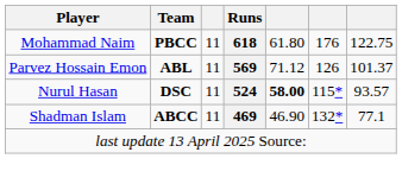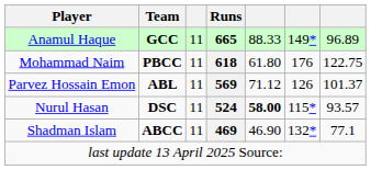 <table class="wikitable sortable" style="text-align:center">
 <tr>
 <th class="unsortable">Player</th>
 <th>Team</th>
 <th></th>
 <th>Runs</th>
 <th></th>
 <th></th>
 <th></th>
+</tr>
+<tr style="background:#cfc">
+<td><a href='#'>Anamul Haque</a></td>
+<td><strong>GCC</strong></td>
+<td>11</td>
+<th style="background:#cfc">665</th>
+<td>88.33</td>
+<td>149<a href='#'>*</a></td>
+<td>96.89</td>
 </tr>
 <tr>
 <td><a href='#'>Mohammad Naim</a></td>
 <td><strong>PBCC</strong></td>
 <td>11</td>
 <th>618</th>
 <td>61.80</td>
 <td>176</td>
 <td>122.75</td>
 </tr>
 <tr>
 <td><a href='#'>Parvez Hossain Emon</a></td>
 <td><strong>ABL</strong></td>
 <td>11</td>
 <th>569</th>
 <td>71.12</td>
 <td>126</td>
 <td>101.37</td>
 </tr>
 <tr>
 <td><a href='#'>Nurul Hasan</a></td>
 <td><strong>DSC</strong></td>
 <td>11</td>
 <th>524</th>
 <td><strong>58.00</strong></td>
 <td>115<a href='#'>*</a></td>
 <td>93.57</td>
 </tr>
 <tr>
 <td><a href='#'>Shadman Islam</a></td>
 <td><strong>ABCC</strong></td>
 <td>11</td>
 <th>469</th>
 <td>46.90</td>
 <td>132<a href='#'>*</a></td>
 <td>77.1</td>
 </tr>
 <tr>
 <td colspan="7"><em>last update  13 April 2025</em>  Source:</td>
 </tr>
 </table>
